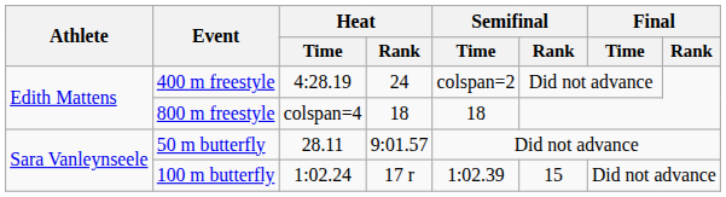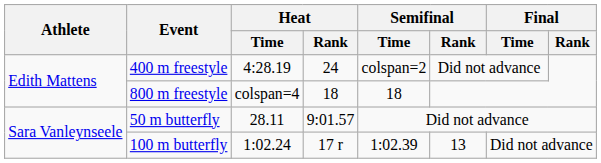 <table class=wikitable style="font-size:90%">
 <tr>
 <th rowspan=2>Athlete</th>
 <th rowspan=2>Event</th>
 <th colspan="2">Heat</th>
 <th colspan="2">Semifinal</th>
 <th colspan="2">Final</th>
 </tr>
 <tr style="font-size:95%">
 <th>Time</th>
 <th>Rank</th>
 <th>Time</th>
 <th>Rank</th>
 <th>Time</th>
 <th>Rank</th>
 </tr>
 <tr align=center>
 <td align=left rowspan=2><a href='#'>Edith Mattens</a></td>
 <td align=left><a href='#'>400 m freestyle</a></td>
 <td>4:28.19</td>
 <td>24</td>
 <td>colspan=2 </td>
 <td colspan=2>Did not advance</td>
 </tr>
 <tr align=center>
 <td align=left><a href='#'>800 m freestyle</a></td>
 <td>colspan=4 </td>
 <td>18</td>
 <td>18</td>
 </tr>
 <tr align=center>
 <td align=left rowspan=2><a href='#'>Sara Vanleynseele</a></td>
 <td align=left><a href='#'>50 m butterfly</a></td>
 <td>28.11</td>
 <td>9:01.57</td>
 <td colspan=4>Did not advance</td>
 </tr>
 <tr align=center>
 <td align=left><a href='#'>100 m butterfly</a></td>
 <td>1:02.24</td>
 <td>17 r</td>
 <td>1:02.39</td>
-<td>15</td>
+<td>13</td>
 <td colspan=2>Did not advance</td>
 </tr>
 </table>
